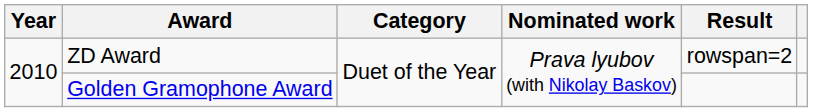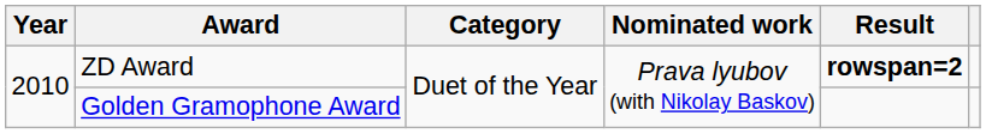 <table class="wikitable sortable plainrowheaders" style="auto">
 <tr>
 <th>Year</th>
 <th>Award</th>
 <th>Category</th>
 <th>Nominated work</th>
 <th>Result</th>
 <th class="unsortable"></th>
 </tr>
 <tr>
 <td rowspan=2>2010</td>
 <td>ZD Award</td>
 <td rowspan=2>Duet of the Year</td>
 <td rowspan=2 style="text-align:center;"><em>Prava lyubov</em><br><small>(with <a href='#'>Nikolay Baskov</a>)</small></td>
-<td>rowspan=2 </td>
+<td><strong>rowspan=2 </strong></td>
 <td style="text-align:center;"></td>
 </tr>
 <tr>
 <td><a href='#'>Golden Gramophone Award</a></td>
 <td style="text-align:center;"></td>
 </tr>
 </table>
